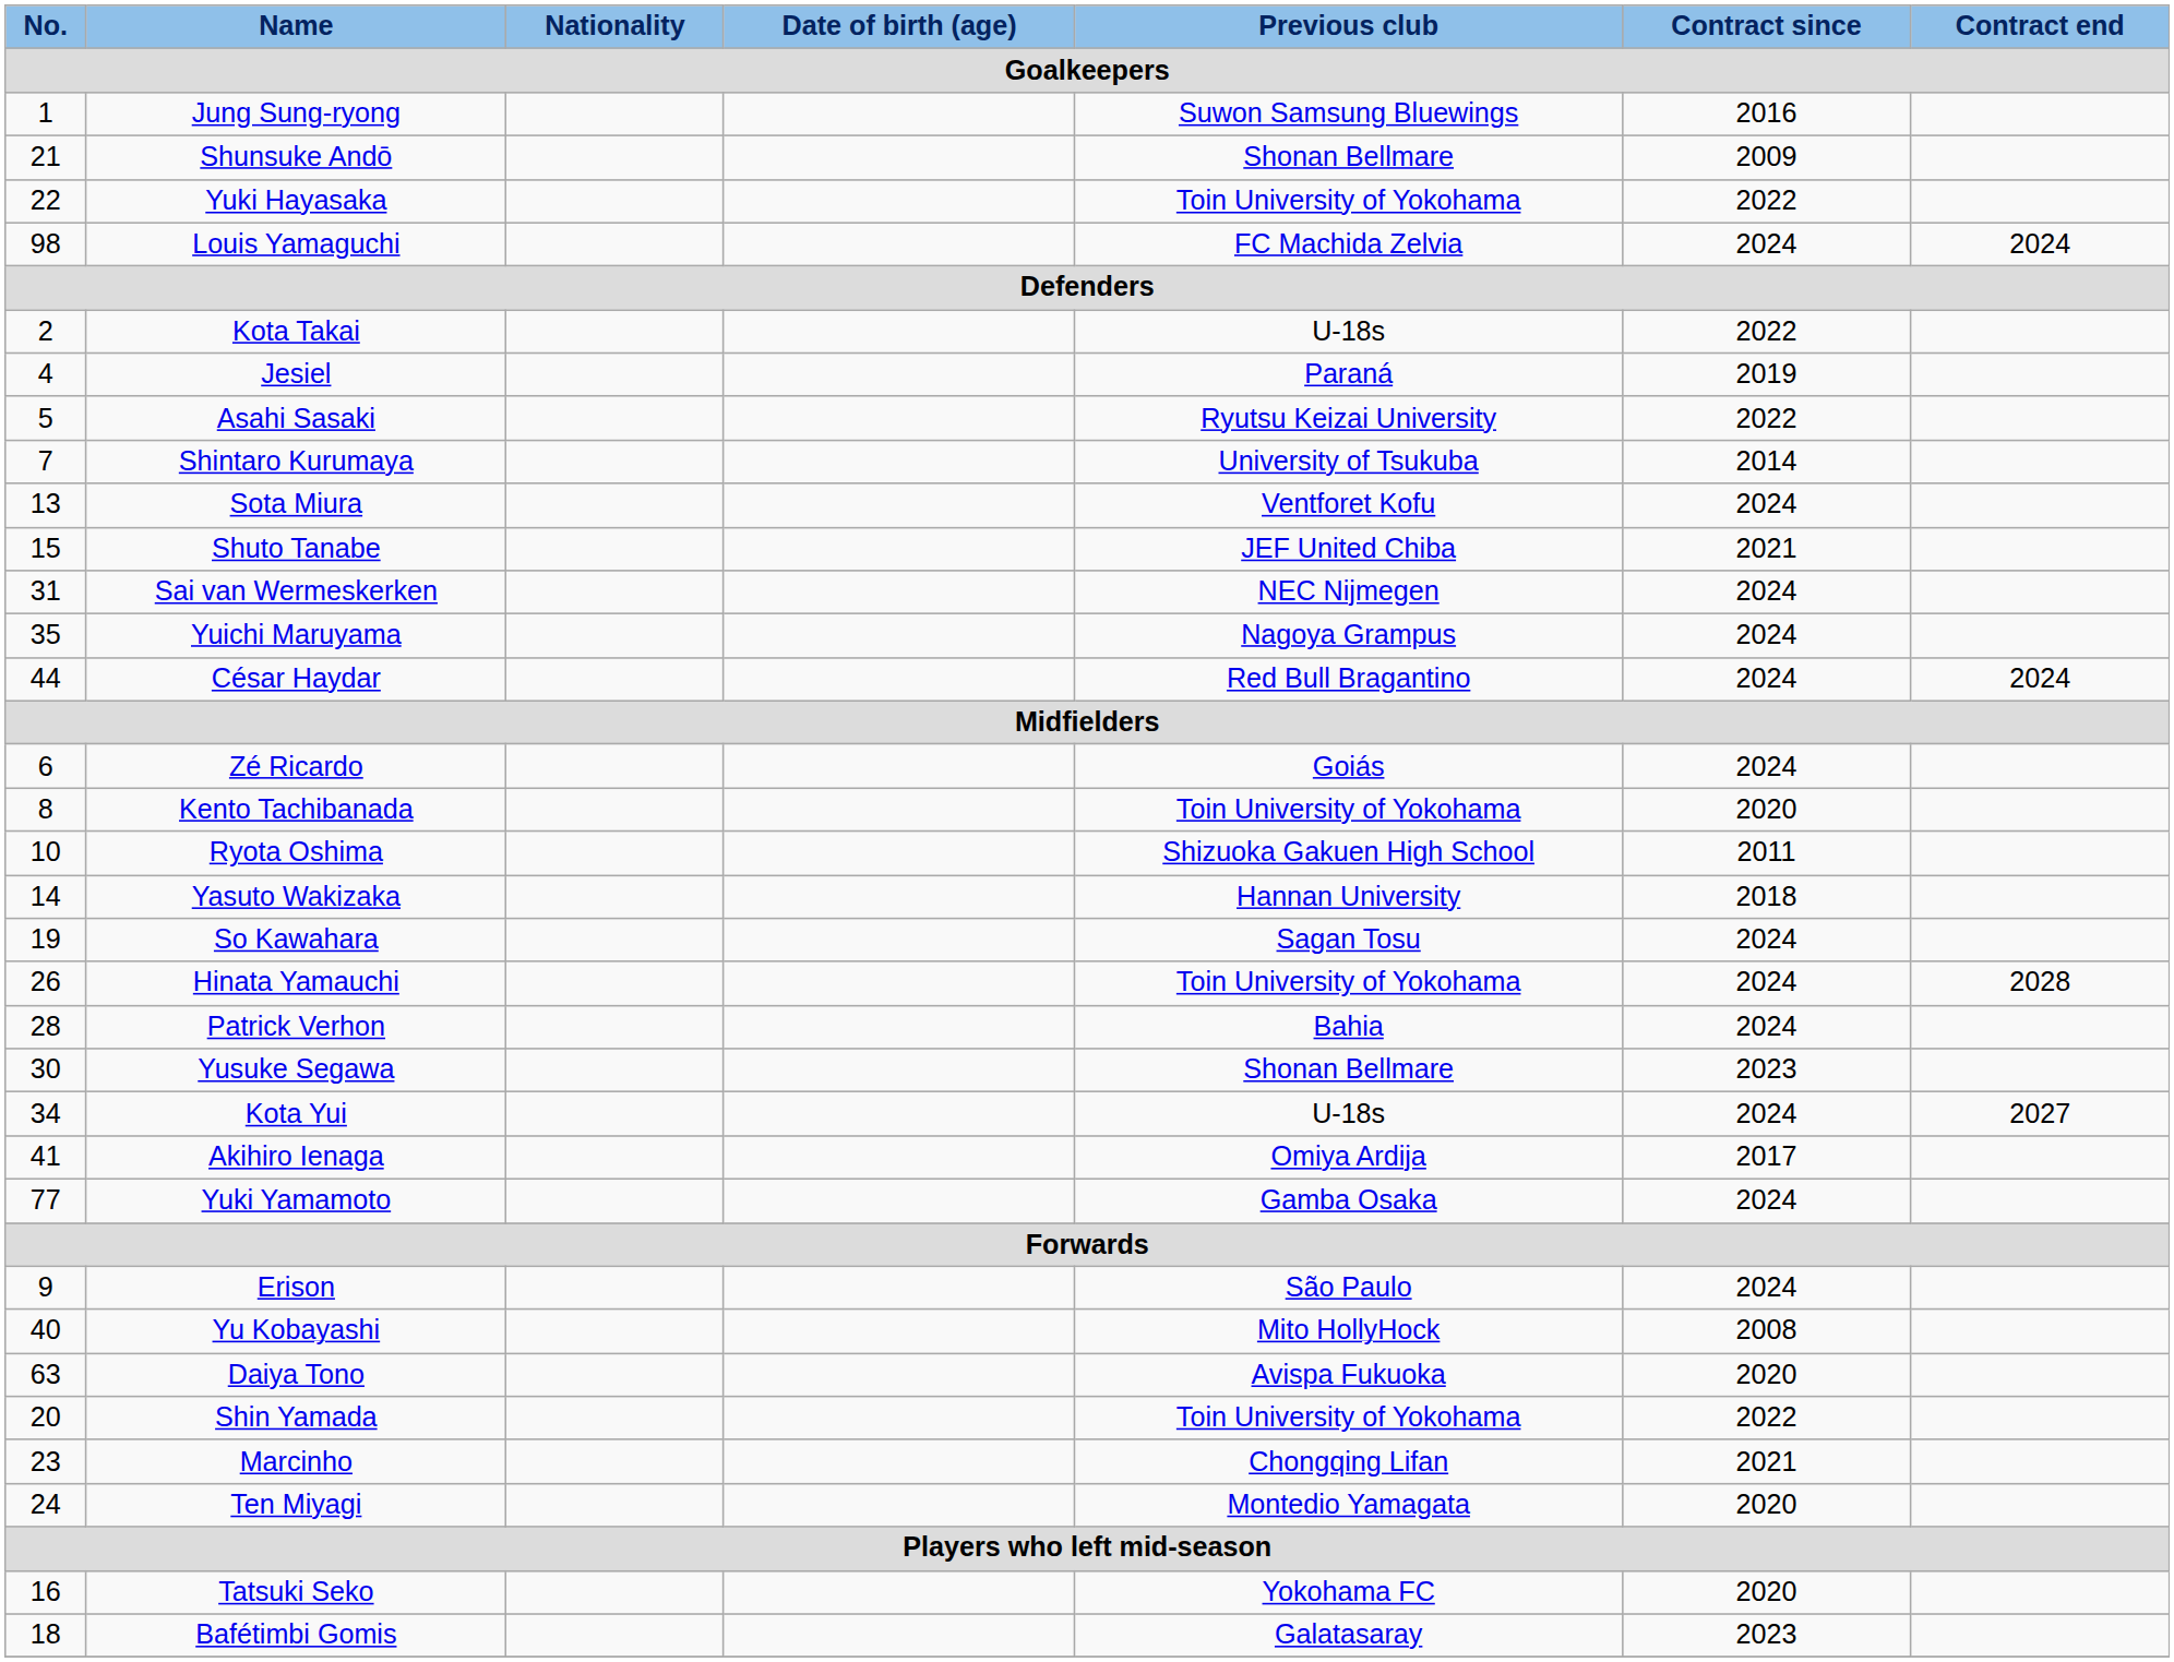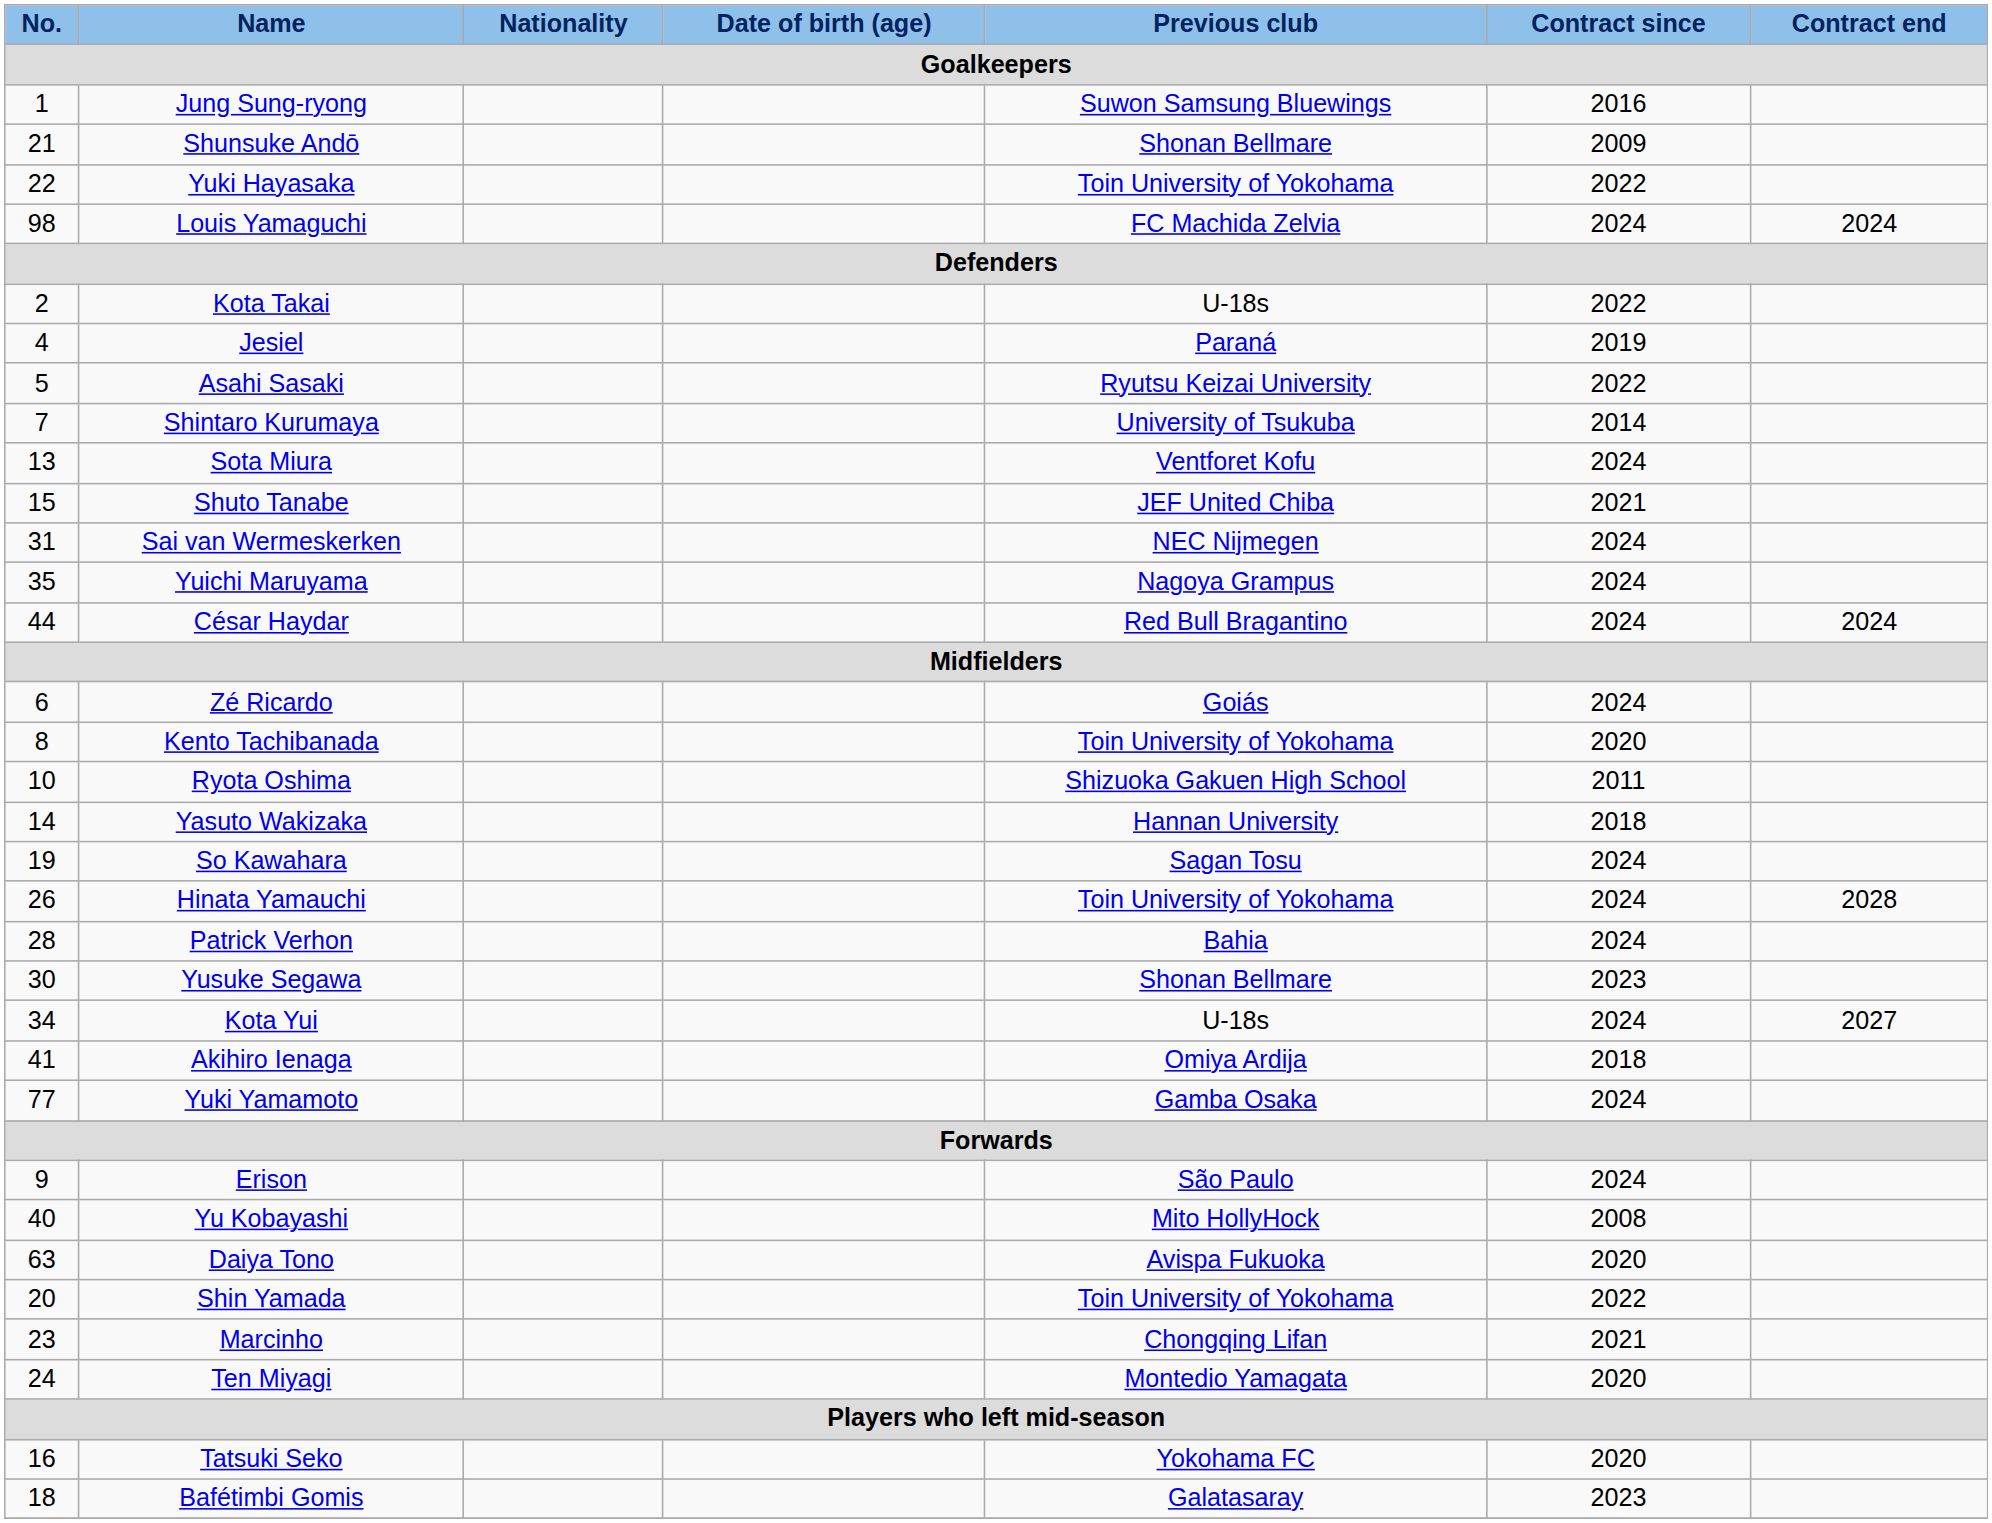 <table class="wikitable" style="text-align:center; font-size:100%; width:100%;">
 <tr>
 <th style="background:#8FC0E9;color:#022360; text-align:center;">No.</th>
 <th style="background:#8FC0E9;color:#022360; text-align:center;">Name</th>
 <th style="background:#8FC0E9;color:#022360; text-align:center;">Nationality</th>
 <th style="background:#8FC0E9;color:#022360; text-align:center;">Date of birth (age)</th>
 <th style="background:#8FC0E9;color:#022360; text-align:center;">Previous club</th>
 <th style="background:#8FC0E9;color:#022360; text-align:center;">Contract since</th>
 <th style="background:#8FC0E9;color:#022360; text-align:center;">Contract end</th>
 </tr>
 <tr>
 <th colspan="8" style="background:#dcdcdc; tepxt-align:center;">Goalkeepers</th>
 </tr>
 <tr>
 <td>1</td>
 <td><a href='#'>Jung Sung-ryong</a></td>
 <td></td>
 <td></td>
 <td> <a href='#'>Suwon Samsung Bluewings</a></td>
 <td>2016</td>
 <td></td>
 </tr>
 <tr>
 <td>21</td>
 <td><a href='#'>Shunsuke Andō</a></td>
 <td></td>
 <td></td>
 <td> <a href='#'>Shonan Bellmare</a></td>
 <td>2009</td>
 <td></td>
 </tr>
 <tr>
 <td>22</td>
 <td><a href='#'>Yuki Hayasaka</a></td>
 <td></td>
 <td></td>
 <td> <a href='#'>Toin University of Yokohama</a></td>
 <td>2022</td>
 <td></td>
 </tr>
 <tr>
 <td>98</td>
 <td><a href='#'>Louis Yamaguchi</a></td>
 <td></td>
 <td></td>
 <td> <a href='#'>FC Machida Zelvia</a></td>
 <td>2024</td>
 <td>2024</td>
 </tr>
 <tr>
 <th colspan="8" style="background:#dcdcdc; tepxt-align:center;">Defenders</th>
 </tr>
 <tr>
 <td>2</td>
 <td><a href='#'>Kota Takai</a></td>
 <td></td>
 <td></td>
 <td>U-18s</td>
 <td>2022</td>
 <td></td>
 </tr>
 <tr>
 <td>4</td>
 <td><a href='#'>Jesiel</a></td>
 <td></td>
 <td></td>
 <td> <a href='#'>Paraná</a></td>
 <td>2019</td>
 <td></td>
 </tr>
 <tr>
 <td>5</td>
 <td><a href='#'>Asahi Sasaki</a></td>
 <td></td>
 <td></td>
 <td> <a href='#'>Ryutsu Keizai University</a></td>
 <td>2022</td>
 <td></td>
 </tr>
 <tr>
 <td>7</td>
 <td><a href='#'>Shintaro Kurumaya</a></td>
 <td></td>
 <td></td>
 <td> <a href='#'>University of Tsukuba</a></td>
 <td>2014</td>
 <td></td>
 </tr>
 <tr>
 <td>13</td>
 <td><a href='#'>Sota Miura</a></td>
 <td></td>
 <td></td>
 <td> <a href='#'>Ventforet Kofu</a></td>
 <td>2024</td>
 <td></td>
 </tr>
 <tr>
 <td>15</td>
 <td><a href='#'>Shuto Tanabe</a></td>
 <td></td>
 <td></td>
 <td> <a href='#'>JEF United Chiba</a></td>
 <td>2021</td>
 <td></td>
 </tr>
 <tr>
 <td>31</td>
 <td><a href='#'>Sai van Wermeskerken</a></td>
 <td></td>
 <td></td>
 <td> <a href='#'>NEC Nijmegen</a></td>
 <td>2024</td>
 <td></td>
 </tr>
 <tr>
 <td>35</td>
 <td><a href='#'>Yuichi Maruyama</a></td>
 <td></td>
 <td></td>
 <td> <a href='#'>Nagoya Grampus</a></td>
 <td>2024</td>
 <td></td>
 </tr>
 <tr>
 <td>44</td>
 <td><a href='#'>César Haydar</a></td>
 <td></td>
 <td></td>
 <td> <a href='#'>Red Bull Bragantino</a></td>
 <td>2024</td>
 <td>2024</td>
 </tr>
 <tr>
 <th colspan="8" style="background:#dcdcdc; tepxt-align:center;">Midfielders</th>
 </tr>
 <tr>
 <td>6</td>
 <td><a href='#'>Zé Ricardo</a></td>
 <td></td>
 <td></td>
 <td> <a href='#'>Goiás</a></td>
 <td>2024</td>
 <td></td>
 </tr>
 <tr>
 <td>8</td>
 <td><a href='#'>Kento Tachibanada</a></td>
 <td></td>
 <td></td>
 <td> <a href='#'>Toin University of Yokohama</a></td>
 <td>2020</td>
 <td></td>
 </tr>
 <tr>
 <td>10</td>
 <td><a href='#'>Ryota Oshima</a></td>
 <td></td>
 <td></td>
 <td> <a href='#'>Shizuoka Gakuen High School</a></td>
 <td>2011</td>
 <td></td>
 </tr>
 <tr>
 <td>14</td>
 <td><a href='#'>Yasuto Wakizaka</a></td>
 <td></td>
 <td></td>
 <td> <a href='#'>Hannan University</a></td>
 <td>2018</td>
 <td></td>
 </tr>
 <tr>
 <td>19</td>
 <td><a href='#'>So Kawahara</a></td>
 <td></td>
 <td></td>
 <td> <a href='#'>Sagan Tosu</a></td>
 <td>2024</td>
 <td></td>
 </tr>
 <tr>
 <td>26</td>
 <td><a href='#'>Hinata Yamauchi</a></td>
 <td></td>
 <td></td>
 <td> <a href='#'>Toin University of Yokohama</a></td>
 <td>2024</td>
 <td>2028</td>
 </tr>
 <tr>
 <td>28</td>
 <td><a href='#'>Patrick Verhon</a></td>
 <td></td>
 <td></td>
 <td> <a href='#'>Bahia</a></td>
 <td>2024</td>
 <td></td>
 </tr>
 <tr>
 <td>30</td>
 <td><a href='#'>Yusuke Segawa</a></td>
 <td></td>
 <td></td>
 <td> <a href='#'>Shonan Bellmare</a></td>
 <td>2023</td>
 <td></td>
 </tr>
 <tr>
 <td>34</td>
 <td><a href='#'>Kota Yui</a></td>
 <td></td>
 <td></td>
 <td>U-18s</td>
 <td>2024</td>
 <td>2027</td>
 </tr>
 <tr>
 <td>41</td>
 <td><a href='#'>Akihiro Ienaga</a></td>
 <td></td>
 <td></td>
 <td> <a href='#'>Omiya Ardija</a></td>
-<td>2017</td>
+<td>2018</td>
 <td></td>
 </tr>
 <tr>
 <td>77</td>
 <td><a href='#'>Yuki Yamamoto</a></td>
 <td></td>
 <td></td>
 <td> <a href='#'>Gamba Osaka</a></td>
 <td>2024</td>
 <td></td>
 </tr>
 <tr>
 <th colspan="8" style="background:#dcdcdc; tepxt-align:center;">Forwards</th>
 </tr>
 <tr>
 <td>9</td>
 <td><a href='#'>Erison</a></td>
 <td></td>
 <td></td>
 <td> <a href='#'>São Paulo</a></td>
 <td>2024</td>
 <td></td>
 </tr>
 <tr>
 <td>40</td>
 <td><a href='#'>Yu Kobayashi</a></td>
 <td></td>
 <td></td>
 <td> <a href='#'>Mito HollyHock</a></td>
 <td>2008</td>
 <td></td>
 </tr>
 <tr>
 <td>63</td>
 <td><a href='#'>Daiya Tono</a></td>
 <td></td>
 <td></td>
 <td> <a href='#'>Avispa Fukuoka</a></td>
 <td>2020</td>
 <td></td>
 </tr>
 <tr>
 <td>20</td>
 <td><a href='#'>Shin Yamada</a></td>
 <td></td>
 <td></td>
 <td> <a href='#'>Toin University of Yokohama</a></td>
 <td>2022</td>
 <td></td>
 </tr>
 <tr>
 <td>23</td>
 <td><a href='#'>Marcinho</a></td>
 <td></td>
 <td></td>
 <td> <a href='#'>Chongqing Lifan</a></td>
 <td>2021</td>
 <td></td>
 </tr>
 <tr>
 <td>24</td>
 <td><a href='#'>Ten Miyagi</a></td>
 <td></td>
 <td></td>
 <td> <a href='#'>Montedio Yamagata</a></td>
 <td>2020</td>
 <td></td>
 </tr>
 <tr>
 <th colspan="8" style="background:#dcdcdc; tepxt-align:center;">Players who left mid-season</th>
 </tr>
 <tr>
 <td>16</td>
 <td><a href='#'>Tatsuki Seko</a></td>
 <td></td>
 <td></td>
 <td> <a href='#'>Yokohama FC</a></td>
 <td>2020</td>
 <td></td>
 </tr>
 <tr>
 <td>18</td>
 <td><a href='#'>Bafétimbi Gomis</a></td>
 <td></td>
 <td></td>
 <td> <a href='#'>Galatasaray</a></td>
 <td>2023</td>
 <td></td>
 </tr>
 <tr>
 </tr>
 </table>
